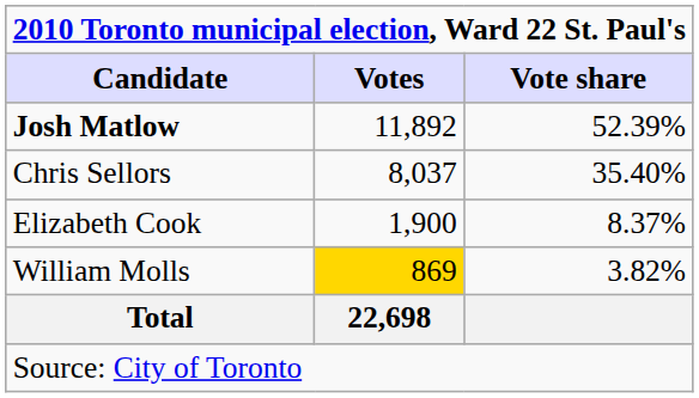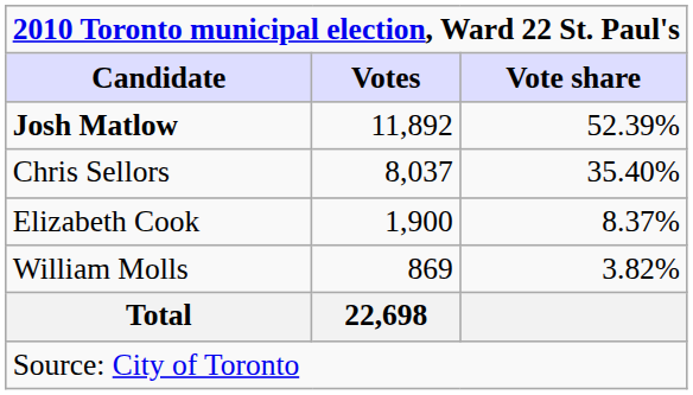 <table class="wikitable plainrowheaders">
 <tr>
 <td colspan="3"><strong><a href='#'>2010 Toronto municipal election</a>, Ward 22 St. Paul's</strong></td>
 </tr>
 <tr>
 <th scope="col" style="background:#ddf;">Candidate</th>
 <th scope="col" style="background:#ddf;">Votes</th>
 <th scope="col" style="background:#ddf;">Vote share</th>
 </tr>
 <tr>
 <td scope="row"><strong>Josh Matlow</strong></td>
 <td align="right">11,892</td>
 <td align="right">52.39%</td>
 </tr>
 <tr>
 <td scope="row">Chris Sellors</td>
 <td align="right">8,037</td>
 <td align="right">35.40%</td>
 </tr>
 <tr>
 <td scope="row">Elizabeth Cook</td>
 <td align="right">1,900</td>
 <td align="right">8.37%</td>
 </tr>
 <tr>
 <td scope="row">William Molls</td>
-<td align="right" style="background: gold;">869</td>
+<td align="right">869</td>
 <td align="right">3.82%</td>
 </tr>
 <tr>
 <th scope="row"><strong>Total</strong></th>
 <th align="right">22,698</th>
 <th align="right"></th>
 </tr>
 <tr>
 <td colspan="3">Source: <a href='#'>City of Toronto</a></td>
 </tr>
 </table>
